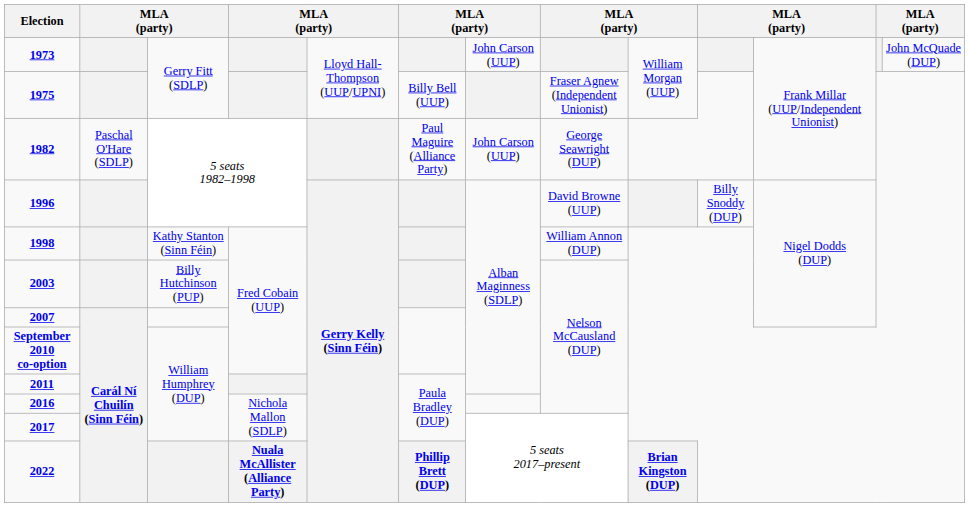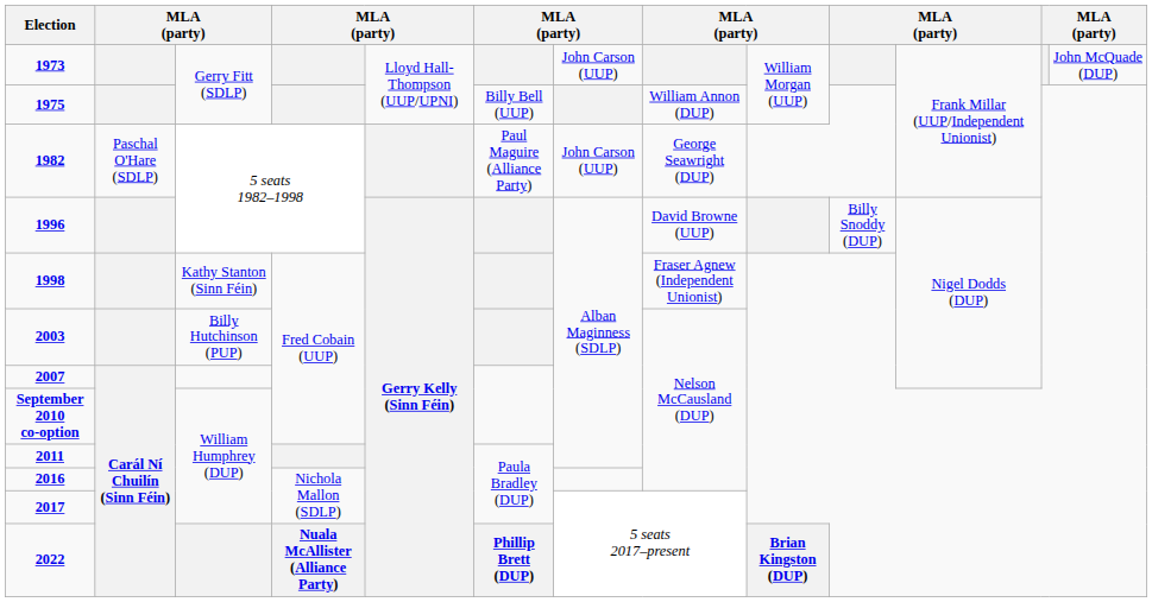 <table class="wikitable" style="text-align:center">
 <tr>
 <th>Election</th>
 <th scope="col" width="150" colspan = "2">MLA<br> (party)</th>
 <th scope="col" width="150" colspan = "2">MLA<br> (party)</th>
 <th scope="col" width="150" colspan = "2">MLA<br> (party)</th>
 <th scope="col" width="150" colspan = "2">MLA<br> (party)</th>
 <th scope="col" width="150" colspan = "2">MLA<br> (party)</th>
 <th scope="col" width="150" colspan = "2">MLA<br> (party)</th>
 </tr>
 <tr>
 <td><strong><a href='#'>1973</a></strong></td>
 <th style="background-color: "></th>
 <td rowspan=2><a href='#'>Gerry Fitt</a><br>(<a href='#'>SDLP</a>)</td>
 <th style="background-color: "></th>
 <td rowspan=2><a href='#'>Lloyd Hall-Thompson</a><br>(<a href='#'>UUP</a>/<a href='#'>UPNI</a>)</td>
 <th style="background-color: "></th>
 <td><a href='#'>John Carson</a><br>(<a href='#'>UUP</a>)</td>
 <th style="background-color: "></th>
 <td rowspan=2><a href='#'>William Morgan</a><br>(<a href='#'>UUP</a>)</td>
 <th style="background-color: "></th>
 <td rowspan=3><a href='#'>Frank Millar</a><br>(<a href='#'>UUP</a>/<a href='#'>Independent Unionist</a>)</td>
 <th style="background-color: "></th>
 <td><a href='#'>John McQuade</a><br>(<a href='#'>DUP</a>)</td>
 </tr>
 <tr>
 <td><strong><a href='#'>1975</a></strong></td>
 <th style="background-color: "></th>
 <th style="background-color: "></th>
 <td><a href='#'>Billy Bell</a><br>(<a href='#'>UUP</a>)</td>
 <th style="background-color: "></th>
-<td><a href='#'>Fraser Agnew</a><br>(<a href='#'>Independent<br>Unionist</a>)</td>
+<td><a href='#'>William Annon</a><br>(<a href='#'>DUP</a>)</td>
 </tr>
 <tr>
 <td><strong><a href='#'>1982</a></strong></td>
 <td><a href='#'>Paschal O'Hare</a><br>(<a href='#'>SDLP</a>)</td>
 <td style="background-color:#FFFFFF" rowspan=2 colspan=2><em>5 seats<br>1982–1998</em></td>
 <th style="background-color: "></th>
 <td><a href='#'>Paul Maguire</a><br>(<a href='#'>Alliance Party</a>)</td>
 <td><a href='#'>John Carson</a><br>(<a href='#'>UUP</a>)</td>
 <td><a href='#'>George Seawright</a><br>(<a href='#'>DUP</a>)</td>
 </tr>
 <tr>
 <td><strong><a href='#'>1996</a></strong></td>
 <th style="background-color: "></th>
 <th rowspan=9><a href='#'>Gerry Kelly</a><br>(<a href='#'>Sinn Féin</a>)</th>
 <th style="background-color: "></th>
 <td rowspan=6><a href='#'>Alban Maginness</a><br>(<a href='#'>SDLP</a>)</td>
 <td><a href='#'>David Browne</a><br>(<a href='#'>UUP</a>)</td>
 <th style="background-color: "></th>
 <td><a href='#'>Billy Snoddy</a><br>(<a href='#'>DUP</a>)</td>
 <td rowspan=4><a href='#'>Nigel Dodds</a><br>(<a href='#'>DUP</a>)</td>
 </tr>
 <tr>
 <td><strong><a href='#'>1998</a></strong></td>
 <th style="background-color: "></th>
 <td><a href='#'>Kathy Stanton</a><br>(<a href='#'>Sinn Féin</a>)</td>
 <td rowspan=4><a href='#'>Fred Cobain</a><br>(<a href='#'>UUP</a>)</td>
 <th style="background-color: "></th>
-<td><a href='#'>William Annon</a><br>(<a href='#'>DUP</a>)</td>
+<td><a href='#'>Fraser Agnew</a><br>(<a href='#'>Independent<br>Unionist</a>)</td>
 </tr>
 <tr>
 <td><strong><a href='#'>2003</a></strong></td>
 <th style="background-color: "></th>
 <td><a href='#'>Billy Hutchinson</a><br>(<a href='#'>PUP</a>)</td>
 <th style="background-color: "></th>
 <td rowspan=5><a href='#'>Nelson McCausland</a><br>(<a href='#'>DUP</a>)</td>
 </tr>
 <tr>
 <td><strong><a href='#'>2007</a></strong></td>
 <th rowspan=6><a href='#'>Carál Ní Chuilín</a><br>(<a href='#'>Sinn Féin</a>)</th>
 </tr>
 <tr>
 <td><strong><a href='#'>September 2010<br>co-option</a></strong></td>
 <td rowspan=4><a href='#'>William Humphrey</a><br>(<a href='#'>DUP</a>)</td>
 </tr>
 <tr>
 <td><strong><a href='#'>2011</a></strong></td>
 <th style="background-color: "></th>
 <td rowspan=3><a href='#'>Paula Bradley</a><br>(<a href='#'>DUP</a>)</td>
 </tr>
 <tr>
 <td><strong><a href='#'>2016</a></strong></td>
 <td rowspan=2><a href='#'>Nichola Mallon</a><br>(<a href='#'>SDLP</a>)</td>
 </tr>
 <tr>
 <td><strong><a href='#'>2017</a></strong></td>
 <td style="background-color:#FFFFFF" rowspan=2 colspan=2><em>5 seats<br>2017–present</em></td>
 </tr>
 <tr>
 <td><strong><a href='#'>2022</a></strong></td>
 <th style="background-color: "></th>
 <th><a href='#'>Nuala McAllister</a><br>(<a href='#'>Alliance Party</a>)</th>
 <th><a href='#'>Phillip Brett</a><br>(<a href='#'>DUP</a>)</th>
 <th><a href='#'>Brian Kingston</a><br>(<a href='#'>DUP</a>)</th>
 </tr>
 </table>
